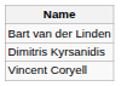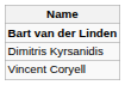 <table class="wikitable">
 <tr>
 <th>Name</th>
 </tr>
 <tr>
-<td> Bart van der Linden</td>
+<td><strong> Bart van der Linden</strong></td>
 </tr>
 <tr>
 <td> Dimitris Kyrsanidis</td>
 </tr>
 <tr>
 <td> Vincent Coryell</td>
 </tr>
 </table>
